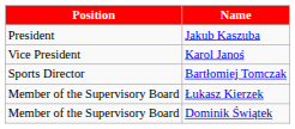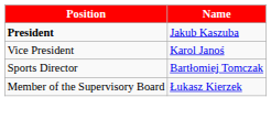 <table class="wikitable">
 <tr>
 <th style="color:#FFFFFF; background:#FF0000">Position</th>
 <th style="color:#FFFFFF; background:#FF0000">Name</th>
 </tr>
 <tr>
-<td>President</td>
+<td><strong>President</strong></td>
 <td> <a href='#'>Jakub Kaszuba</a></td>
 </tr>
 <tr>
 <td>Vice President</td>
 <td> <a href='#'>Karol Janoś</a></td>
 </tr>
 <tr>
 <td>Sports Director</td>
 <td> <a href='#'>Bartłomiej Tomczak</a></td>
 </tr>
 <tr>
 <td>Member of the Supervisory Board</td>
 <td> <a href='#'>Łukasz Kierzek</a></td>
 </tr>
-<tr>
-<td>Member of the Supervisory Board</td>
-<td> <a href='#'>Dominik Świątek</a></td>
-</tr>
 </table>
